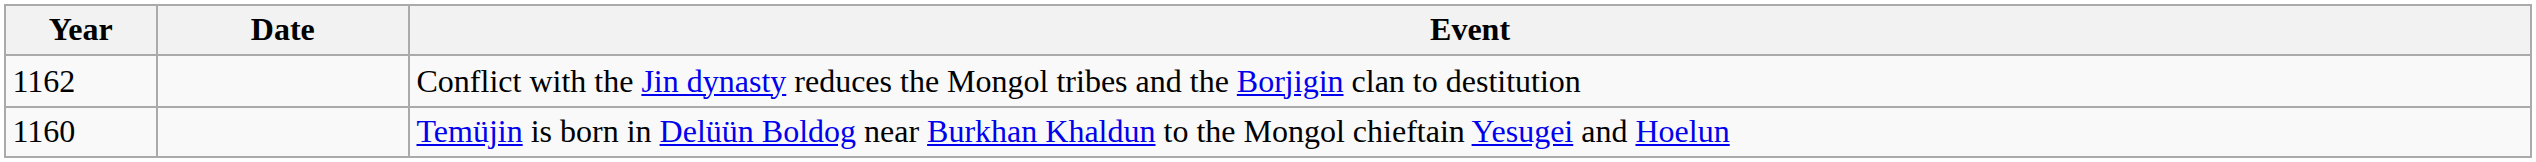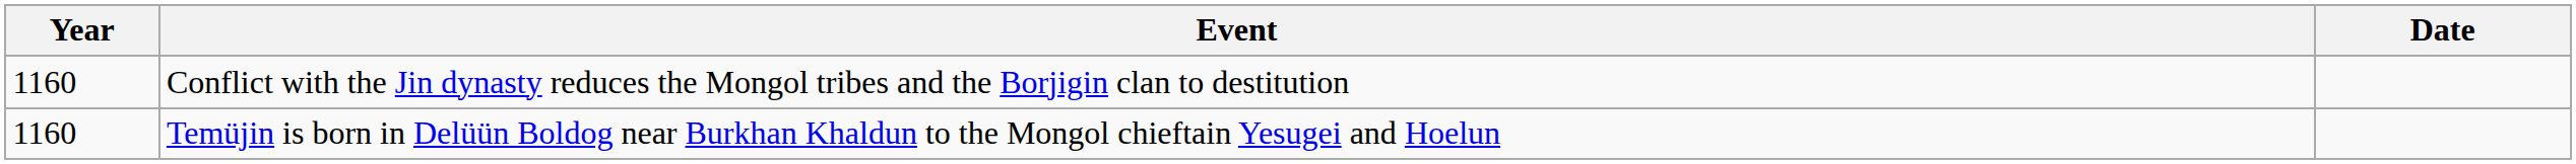 <table class="wikitable" width="100%">
 <tr>
 <th style="width:6%">Year</th>
+<th>Event</th>
 <th style="width:10%">Date</th>
-<th>Event</th>
-</tr>
-<tr>
-<td>1162</td>
-<td></td>
-<td>Conflict with the <a href='#'>Jin dynasty</a> reduces the Mongol tribes and the <a href='#'>Borjigin</a> clan to destitution</td>
 </tr>
 <tr>
 <td>1160</td>
+<td>Conflict with the <a href='#'>Jin dynasty</a> reduces the Mongol tribes and the <a href='#'>Borjigin</a> clan to destitution</td>
 <td></td>
+</tr>
+<tr>
+<td>1160</td>
 <td><a href='#'>Temüjin</a> is born in <a href='#'>Delüün Boldog</a> near <a href='#'>Burkhan Khaldun</a> to the Mongol chieftain <a href='#'>Yesugei</a> and <a href='#'>Hoelun</a></td>
+<td></td>
 </tr>
 </table>
